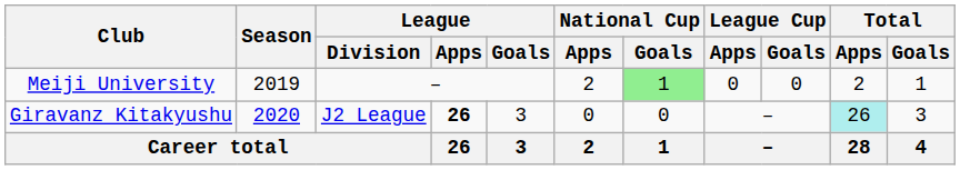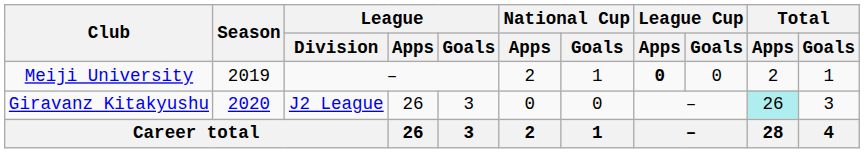 <table class="wikitable" style="text-align: center">
 <tr>
 <th rowspan="2">Club</th>
 <th rowspan="2">Season</th>
 <th colspan="3">League</th>
 <th colspan="2">National Cup</th>
 <th colspan="2">League Cup</th>
 <th colspan="2">Total</th>
 </tr>
 <tr>
 <th>Division</th>
 <th>Apps</th>
 <th>Goals</th>
 <th>Apps</th>
 <th>Goals</th>
 <th>Apps</th>
 <th>Goals</th>
 <th>Apps</th>
 <th>Goals</th>
 </tr>
 <tr>
 <td><a href='#'>Meiji University</a></td>
 <td>2019</td>
 <td colspan="3">–</td>
 <td>2</td>
-<td style="background: lightgreen;">1</td>
-<td>0</td>
+<td>1</td>
+<td><strong>0</strong></td>
 <td>0</td>
 <td>2</td>
 <td>1</td>
 </tr>
 <tr>
 <td><a href='#'>Giravanz Kitakyushu</a></td>
 <td><a href='#'>2020</a></td>
 <td><a href='#'>J2 League</a></td>
-<td><strong>26</strong></td>
+<td>26</td>
 <td>3</td>
 <td>0</td>
 <td>0</td>
 <td colspan="2">–</td>
 <td style="background: paleturquoise;">26</td>
 <td>3</td>
 </tr>
 <tr>
 <th colspan=3>Career total</th>
 <th>26</th>
 <th>3</th>
 <th>2</th>
 <th>1</th>
 <th colspan="2">–</th>
 <th>28</th>
 <th>4</th>
 </tr>
 </table>
